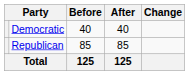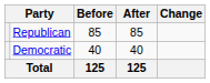 <table class="wikitable">
 <tr>
 <th colspan=2>Party</th>
 <th style="width:50px">Before</th>
 <th style="width:50px">After</th>
 <th style="width:50px">Change</th>
 </tr>
 <tr>
 <th style="background:"></th>
-<td><a href='#'>Democratic</a></td>
-<td style="text-align:center;">40</td>
-<td style="text-align:center;">40</td>
+<td><a href='#'>Republican</a></td>
+<td style="text-align:center;">85</td>
+<td style="text-align:center;">85</td>
 <td style="text-align:center;"></td>
 </tr>
 <tr>
 <th style="background:"></th>
-<td><a href='#'>Republican</a></td>
-<td style="text-align:center;">85</td>
-<td style="text-align:center;">85</td>
+<td><a href='#'>Democratic</a></td>
+<td style="text-align:center;">40</td>
+<td style="text-align:center;">40</td>
 <td style="text-align:center;"></td>
 </tr>
 <tr>
 <th colspan=2>Total</th>
 <th>125</th>
 <th>125</th>
 <th></th>
 </tr>
 </table>
